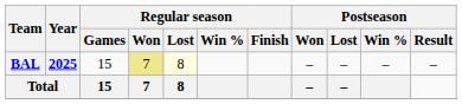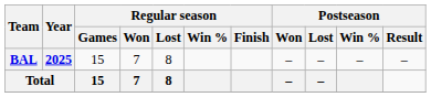 <table class="wikitable" style="font-size: 95%; text-align:center;">
 <tr>
 <th rowspan="2">Team</th>
 <th rowspan="2">Year</th>
 <th colspan="5">Regular season</th>
 <th colspan="4">Postseason</th>
 </tr>
 <tr>
 <th>Games</th>
 <th>Won</th>
 <th>Lost</th>
 <th>Win %</th>
 <th>Finish</th>
 <th>Won</th>
 <th>Lost</th>
 <th>Win %</th>
 <th>Result</th>
 </tr>
 <tr>
 <th><a href='#'>BAL</a></th>
 <th><a href='#'>2025</a></th>
 <td>15</td>
-<td style="background: khaki;">7</td>
-<td style="background: lightyellow;">8</td>
+<td>7</td>
+<td>8</td>
 <td></td>
 <td></td>
 <td>–</td>
 <td>–</td>
 <td>–</td>
 <td>–</td>
 </tr>
 <tr>
 <th colspan="2">Total</th>
 <th>15</th>
 <th>7</th>
 <th>8</th>
 <th></th>
 <th></th>
 <th>–</th>
 <th>–</th>
 <th></th>
 <td></td>
 </tr>
 <tr>
 </tr>
 </table>
